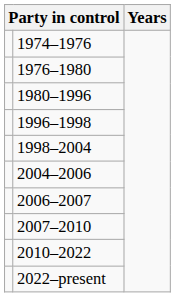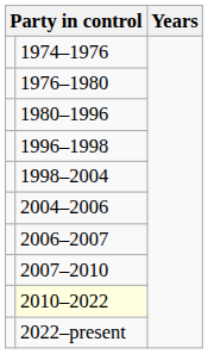 <table class="wikitable">
 <tr>
 <th colspan=2>Party in control</th>
 <th>Years</th>
 </tr>
 <tr>
 <td></td>
 <td>1974–1976</td>
 </tr>
 <tr>
 <td></td>
 <td>1976–1980</td>
 </tr>
 <tr>
 <td></td>
 <td>1980–1996</td>
 </tr>
 <tr>
 <td></td>
 <td>1996–1998</td>
 </tr>
 <tr>
 <td></td>
 <td>1998–2004</td>
 </tr>
 <tr>
 <td></td>
 <td>2004–2006</td>
 </tr>
 <tr>
 <td></td>
 <td>2006–2007</td>
 </tr>
 <tr>
 <td></td>
 <td>2007–2010</td>
 </tr>
 <tr>
 <td></td>
-<td>2010–2022</td>
+<td style="background: lightyellow;">2010–2022</td>
 </tr>
 <tr>
 <td></td>
 <td>2022–present</td>
 </tr>
 </table>
